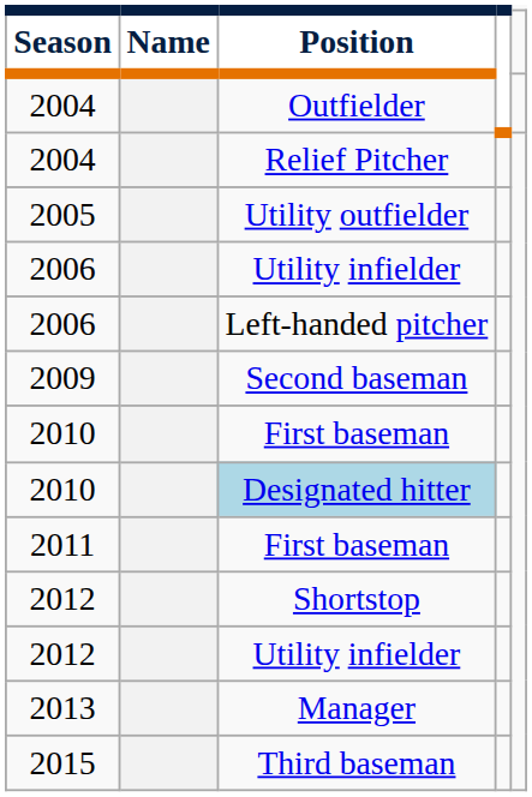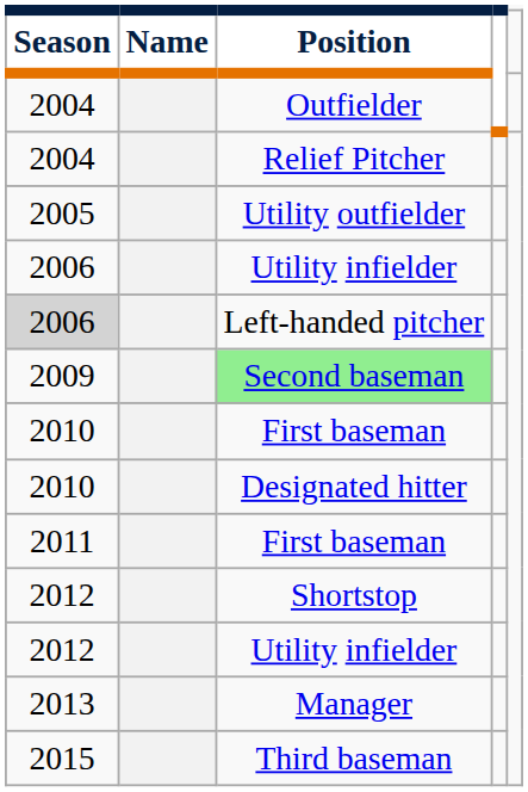 <table class="wikitable sortable plainrowheaders" style="font-size: 95%; text-align:center;">
 <tr>
 <th scope="col" style="background-color:#ffffff; border-top:#041e42 5px solid; border-bottom:#e57200 5px solid; color:#041e42">Season</th>
 <th scope="col" style="background-color:#ffffff; border-top:#041e42 5px solid; border-bottom:#e57200 5px solid; color:#041e42">Name</th>
 <th scope="col" style="background-color:#ffffff; border-top:#041e42 5px solid; border-bottom:#e57200 5px solid; color:#041e42">Position</th>
 <th rowspan="2" class="unsortable" scope="col" style="background-color:#ffffff; border-top:#041e42  5px solid; border-bottom:#e57200 5px solid; color:#041e42"></th>
 </tr>
 <tr>
 <td>2004</td>
 <th scope="row" style="text-align:center"></th>
 <td><a href='#'>Outfielder</a></td>
 <td></td>
 </tr>
 <tr>
 <td>2004</td>
 <th scope="row" style="text-align:center"></th>
 <td><a href='#'>Relief Pitcher</a></td>
 <td></td>
 </tr>
 <tr>
 <td>2005</td>
 <th scope="row" style="text-align:center"></th>
 <td><a href='#'>Utility</a> <a href='#'>outfielder</a></td>
 <td></td>
 </tr>
 <tr>
 <td>2006</td>
 <th scope="row" style="text-align:center"></th>
 <td><a href='#'>Utility</a> <a href='#'>infielder</a></td>
 <td></td>
 </tr>
 <tr>
-<td>2006</td>
+<td style="background: lightgrey;">2006</td>
 <th scope="row" style="text-align:center"></th>
 <td>Left-handed <a href='#'>pitcher</a></td>
 <td></td>
 </tr>
 <tr>
 <td>2009</td>
 <th scope="row" style="text-align:center"></th>
-<td><a href='#'>Second baseman</a></td>
+<td style="background: lightgreen;"><a href='#'>Second baseman</a></td>
 <td></td>
 </tr>
 <tr>
 <td>2010</td>
 <th scope="row" style="text-align:center"></th>
 <td><a href='#'>First baseman</a></td>
 <td></td>
 </tr>
 <tr>
 <td>2010</td>
 <th scope="row" style="text-align:center"></th>
-<td style="background: lightblue;"><a href='#'>Designated hitter</a></td>
+<td><a href='#'>Designated hitter</a></td>
 <td></td>
 </tr>
 <tr>
 <td>2011</td>
 <th scope="row" style="text-align:center"></th>
 <td><a href='#'>First baseman</a></td>
 <td></td>
 </tr>
 <tr>
 <td>2012</td>
 <th scope="row" style="text-align:center"></th>
 <td><a href='#'>Shortstop</a></td>
 <td></td>
 </tr>
 <tr>
 <td>2012</td>
 <th scope="row" style="text-align:center"></th>
 <td><a href='#'>Utility</a> <a href='#'>infielder</a></td>
 <td></td>
 </tr>
 <tr>
 <td>2013</td>
 <th scope="row" style="text-align:center"></th>
 <td><a href='#'>Manager</a></td>
 <td></td>
 </tr>
 <tr>
 <td>2015</td>
 <th scope="row" style="text-align:center"></th>
 <td><a href='#'>Third baseman</a></td>
 <td></td>
 </tr>
 </table>
